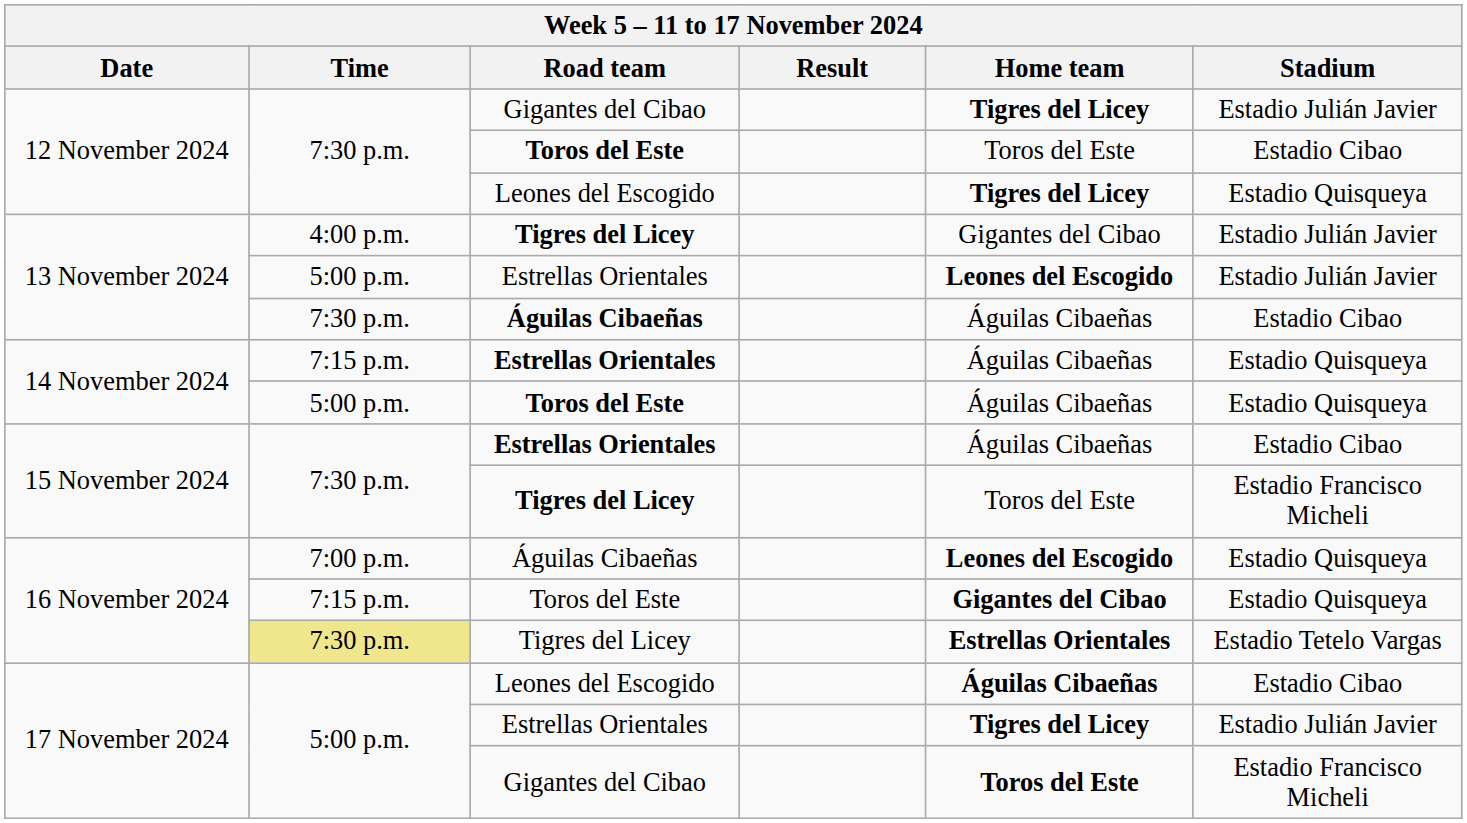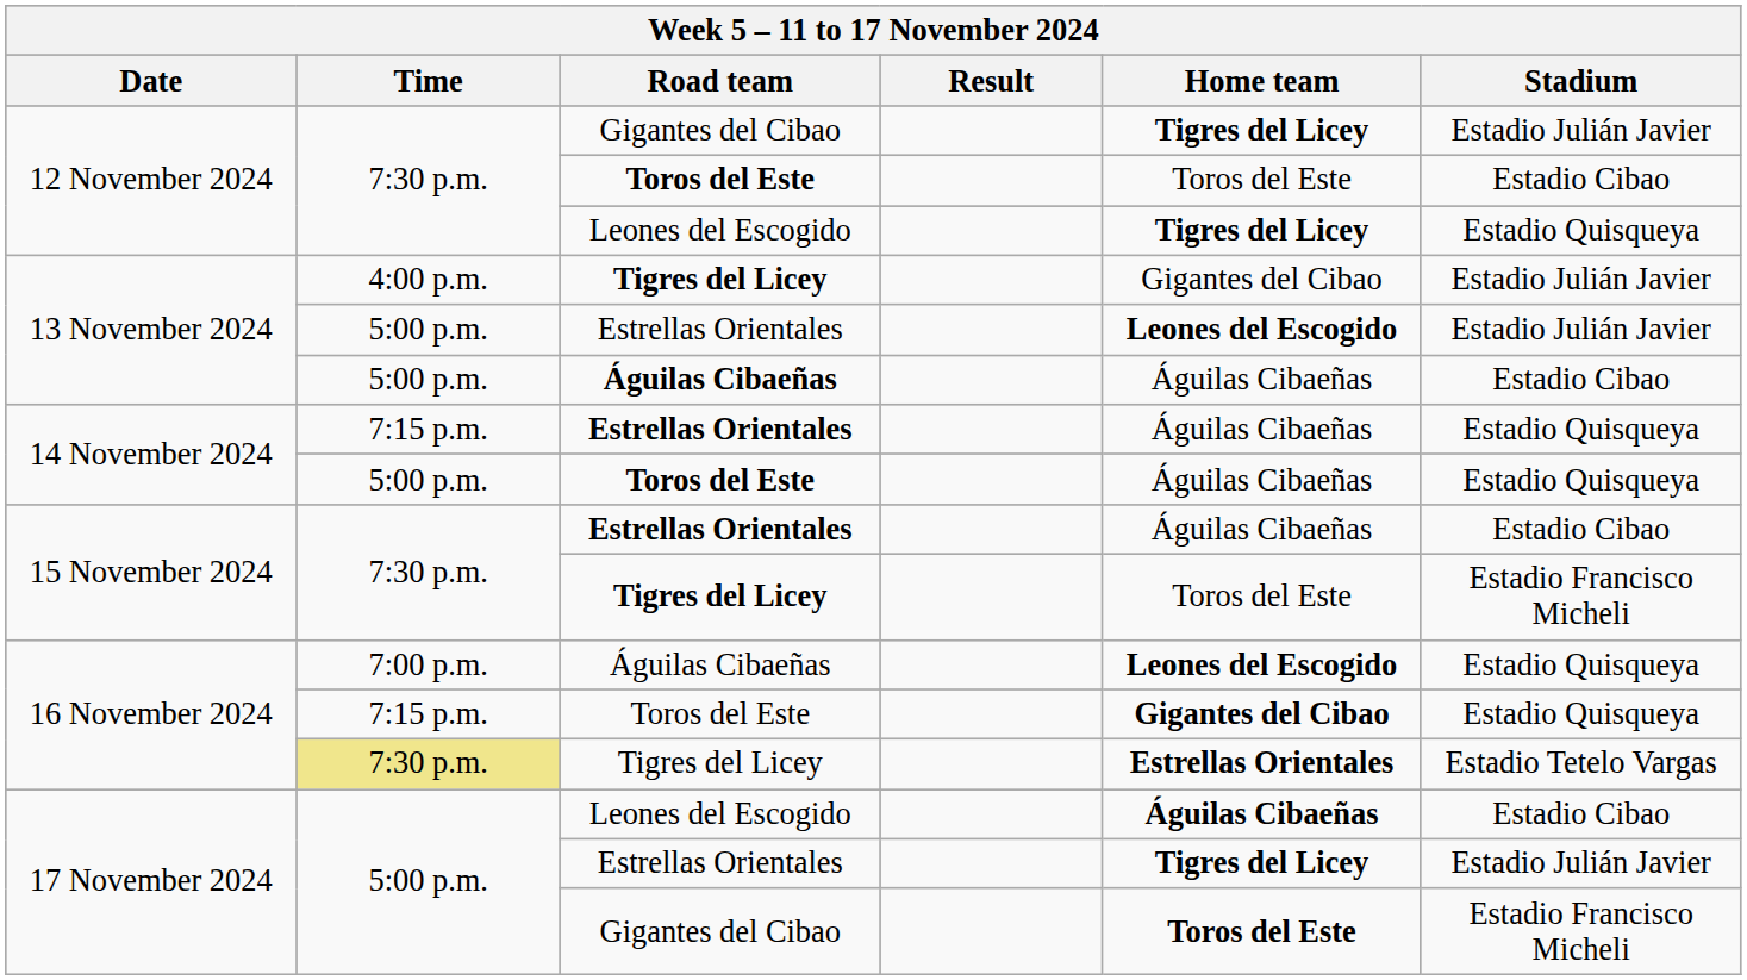 <table class="wikitable collapsible collapsed" style="font-size: 100%; text-align: center; width: 100%;">
 <tr>
 <th colspan="6" style="with: 100%;" align=center>Week 5 – 11 to 17 November 2024</th>
 </tr>
 <tr>
 <th width="50">Date</th>
 <th width="50">Time</th>
 <th width="75">Road team</th>
 <th width="50">Result</th>
 <th width="75">Home team</th>
 <th width="75">Stadium</th>
 </tr>
 <tr>
 <td rowspan="3">12 November 2024</td>
 <td rowspan="3">7:30 p.m.</td>
 <td>Gigantes del Cibao</td>
 <td></td>
 <td><strong>Tigres del Licey</strong></td>
 <td>Estadio Julián Javier</td>
 </tr>
 <tr>
 <td><strong>Toros del Este</strong></td>
 <td></td>
 <td>Toros del Este</td>
 <td>Estadio Cibao</td>
 </tr>
 <tr>
 <td>Leones del Escogido</td>
 <td></td>
 <td><strong>Tigres del Licey</strong></td>
 <td>Estadio Quisqueya</td>
 </tr>
 <tr>
 <td rowspan="3">13 November 2024</td>
 <td>4:00 p.m.</td>
 <td><strong>Tigres del Licey</strong></td>
 <td></td>
 <td>Gigantes del Cibao</td>
 <td>Estadio Julián Javier</td>
 </tr>
 <tr>
 <td>5:00 p.m.</td>
 <td>Estrellas Orientales</td>
 <td></td>
 <td><strong>Leones del Escogido</strong></td>
 <td>Estadio Julián Javier</td>
 </tr>
 <tr>
-<td>7:30 p.m.</td>
+<td>5:00 p.m.</td>
 <td><strong>Águilas Cibaeñas</strong></td>
 <td></td>
 <td>Águilas Cibaeñas</td>
 <td>Estadio Cibao</td>
 </tr>
 <tr>
 <td rowspan="2">14 November 2024</td>
 <td>7:15 p.m.</td>
 <td><strong>Estrellas Orientales</strong></td>
 <td></td>
 <td>Águilas Cibaeñas</td>
 <td>Estadio Quisqueya</td>
 </tr>
 <tr>
 <td>5:00 p.m.</td>
 <td><strong>Toros del Este</strong></td>
 <td></td>
 <td>Águilas Cibaeñas</td>
 <td>Estadio Quisqueya</td>
 </tr>
 <tr>
 <td rowspan="2">15 November 2024</td>
 <td rowspan="2">7:30 p.m.</td>
 <td><strong>Estrellas Orientales</strong></td>
 <td></td>
 <td>Águilas Cibaeñas</td>
 <td>Estadio Cibao</td>
 </tr>
 <tr>
 <td><strong>Tigres del Licey</strong></td>
 <td></td>
 <td>Toros del Este</td>
 <td>Estadio Francisco Micheli</td>
 </tr>
 <tr>
 <td rowspan="3">16 November 2024</td>
 <td>7:00 p.m.</td>
 <td>Águilas Cibaeñas</td>
 <td></td>
 <td><strong>Leones del Escogido</strong></td>
 <td>Estadio Quisqueya</td>
 </tr>
 <tr>
 <td>7:15 p.m.</td>
 <td>Toros del Este</td>
 <td></td>
 <td><strong>Gigantes del Cibao</strong></td>
 <td>Estadio Quisqueya</td>
 </tr>
 <tr>
 <td style="background: khaki;">7:30 p.m.</td>
 <td>Tigres del Licey</td>
 <td></td>
 <td><strong>Estrellas Orientales</strong></td>
 <td>Estadio Tetelo Vargas</td>
 </tr>
 <tr>
 <td rowspan="3">17 November 2024</td>
 <td rowspan="3">5:00 p.m.</td>
 <td>Leones del Escogido</td>
 <td></td>
 <td><strong>Águilas Cibaeñas</strong></td>
 <td>Estadio Cibao</td>
 </tr>
 <tr>
 <td>Estrellas Orientales</td>
 <td></td>
 <td><strong>Tigres del Licey</strong></td>
 <td>Estadio Julián Javier</td>
 </tr>
 <tr>
 <td>Gigantes del Cibao</td>
 <td></td>
 <td><strong>Toros del Este</strong></td>
 <td>Estadio Francisco Micheli</td>
 </tr>
 </table>
